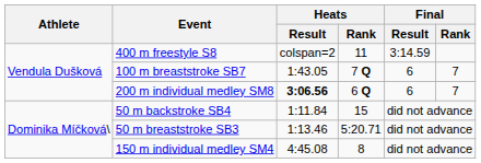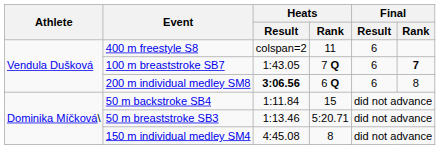 <table class=wikitable style="font-size:90%">
 <tr>
 <th rowspan="2">Athlete</th>
 <th rowspan="2">Event</th>
 <th colspan="2">Heats</th>
 <th colspan="2">Final</th>
 </tr>
 <tr>
 <th>Result</th>
 <th>Rank</th>
 <th>Result</th>
 <th>Rank</th>
 </tr>
 <tr align=center>
 <td align=left rowspan=3><a href='#'>Vendula Dušková</a></td>
 <td align=left><a href='#'>400 m freestyle S8</a></td>
 <td>colspan=2 </td>
 <td>11</td>
-<td>3:14.59</td>
+<td>6</td>
 </tr>
 <tr align=center>
 <td align=left><a href='#'>100 m breaststroke SB7</a></td>
 <td>1:43.05</td>
 <td>7 <strong>Q</strong></td>
 <td>6</td>
-<td>7</td>
+<td><strong>7</strong></td>
 </tr>
 <tr align=center>
 <td align=left><a href='#'>200 m individual medley SM8</a></td>
 <td><strong>3:06.56</strong></td>
 <td>6 <strong>Q</strong></td>
 <td>6</td>
-<td>7</td>
+<td>8</td>
 </tr>
 <tr align=center>
 <td align=left rowspan=3><a href='#'>Dominika Míčková</a>\</td>
 <td align=left><a href='#'>50 m backstroke SB4</a></td>
 <td>1:11.84</td>
 <td>15</td>
 <td colspan="2">did not advance</td>
 </tr>
 <tr align=center>
 <td align=left><a href='#'>50 m breaststroke SB3</a></td>
 <td>1:13.46</td>
 <td>5:20.71</td>
 <td colspan="2">did not advance</td>
 </tr>
 <tr align=center>
 <td align=left><a href='#'>150 m individual medley SM4</a></td>
 <td>4:45.08</td>
 <td>8</td>
 <td colspan="2">did not advance</td>
 </tr>
 </table>
